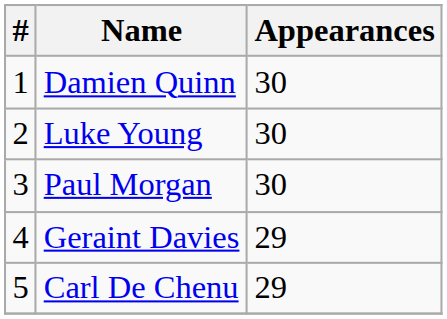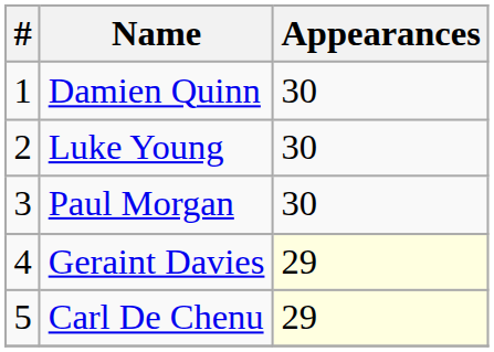 <table class="wikitable" style="text-align:left;">
 <tr>
 <th>#</th>
 <th>Name</th>
 <th>Appearances</th>
 </tr>
 <tr>
 <td>1</td>
 <td><a href='#'>Damien Quinn</a></td>
 <td>30</td>
 </tr>
 <tr>
 <td>2</td>
 <td><a href='#'>Luke Young</a></td>
 <td>30</td>
 </tr>
 <tr>
 <td>3</td>
 <td><a href='#'>Paul Morgan</a></td>
 <td>30</td>
 </tr>
 <tr>
 <td>4</td>
 <td><a href='#'>Geraint Davies</a></td>
-<td>29</td>
+<td style="background: lightyellow;">29</td>
 </tr>
 <tr>
 <td>5</td>
 <td><a href='#'>Carl De Chenu</a></td>
-<td>29</td>
+<td style="background: lightyellow;">29</td>
 </tr>
 <tr>
 </tr>
 </table>
